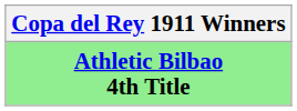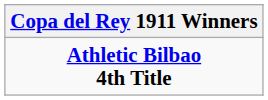 <table class="wikitable" style="text-align: center; margin: 0 auto;">
 <tr>
 <th><a href='#'>Copa del Rey</a> 1911 Winners</th>
 </tr>
 <tr>
-<td style="background: lightgreen;"><strong><a href='#'>Athletic Bilbao</a></strong><br><strong>4th Title</strong></td>
+<td><strong><a href='#'>Athletic Bilbao</a></strong><br><strong>4th Title</strong></td>
 </tr>
 </table>
